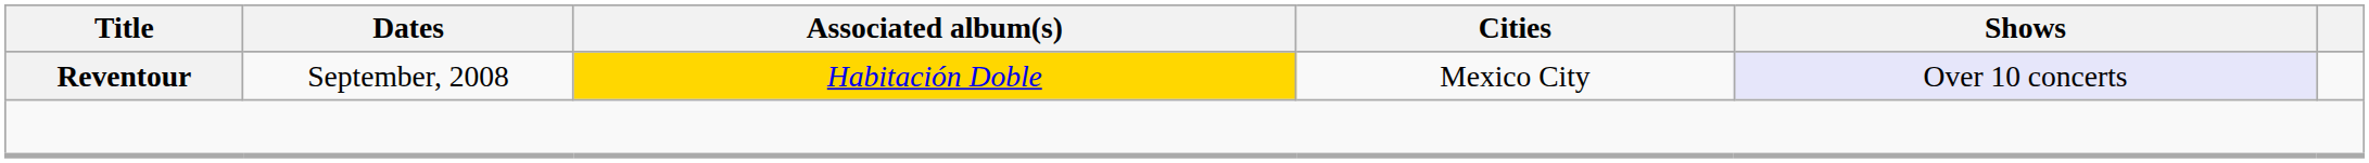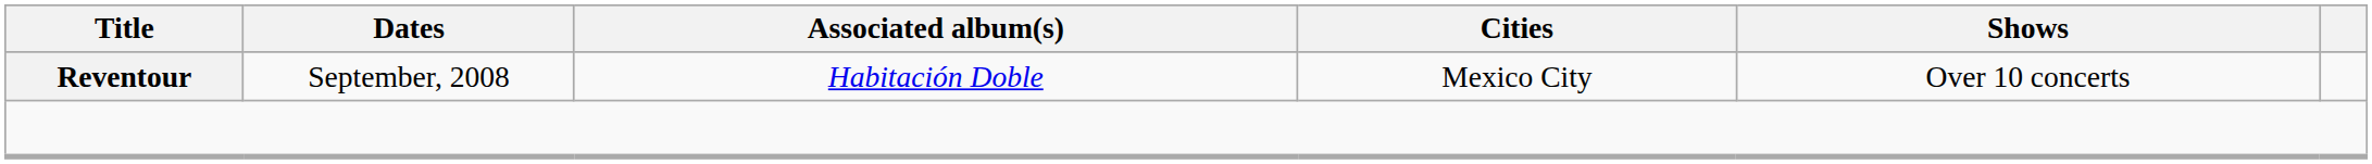 <table class="wikitable sortable plainrowheaders" style="text-align:center;" width="100%">
 <tr>
 <th align="left" valign="top" width="120">Title</th>
 <th scope="col" width="14%">Dates</th>
 <th scope="col">Associated album(s)</th>
 <th>Cities</th>
 <th scope="col">Shows</th>
 <th scope="col" width="2%" class="unsortable"></th>
 </tr>
 <tr>
 <th scope="row">Reventour</th>
 <td>September, 2008</td>
-<td style="background: gold;"><em><a href='#'>Habitación Doble</a></em></td>
+<td><em><a href='#'>Habitación Doble</a></em></td>
 <td>Mexico City</td>
-<td style="background: lavender;">Over 10 concerts</td>
+<td>Over 10 concerts</td>
 <td></td>
 </tr>
 <tr class="expand-child">
 <td colspan="7" style="border-bottom-width:3px; padding:5px;"><br></td>
 </tr>
 </table>
